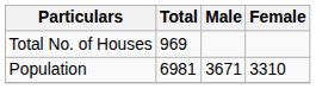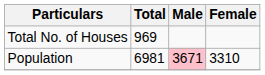 <table class="wikitable sortable">
 <tr>
 <th>Particulars</th>
 <th>Total</th>
 <th>Male</th>
 <th>Female</th>
 </tr>
 <tr>
 <td>Total No. of Houses</td>
 <td>969</td>
 <td></td>
 <td></td>
 </tr>
 <tr>
 <td>Population</td>
 <td>6981</td>
-<td>3671</td>
+<td style="background: pink;">3671</td>
 <td>3310</td>
 </tr>
 <tr>
 </tr>
 </table>
